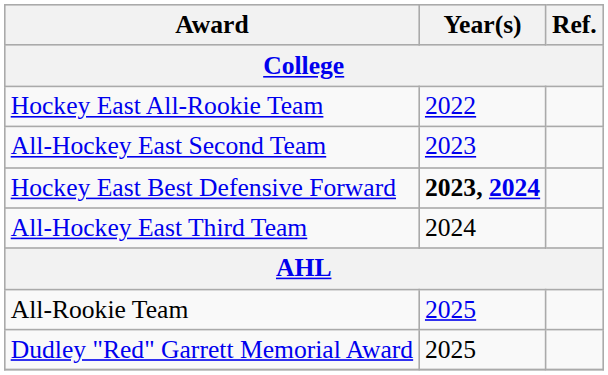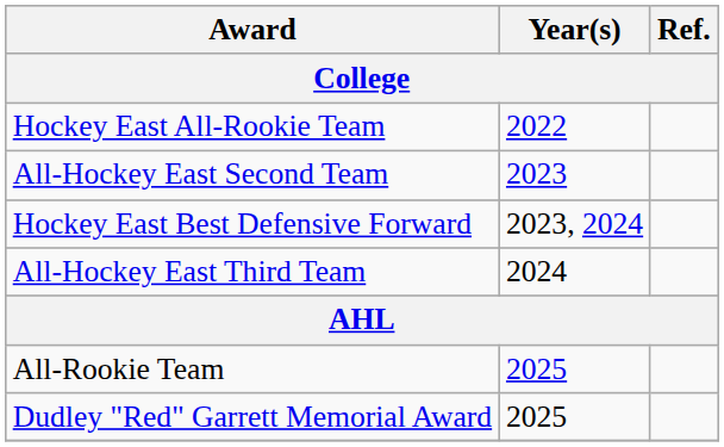 <table class="wikitable">
 <tr>
 <th>Award</th>
 <th>Year(s)</th>
 <th>Ref.</th>
 </tr>
 <tr>
 <th colspan="3"><a href='#'>College</a></th>
 </tr>
 <tr>
 <td><a href='#'>Hockey East All-Rookie Team</a></td>
 <td><a href='#'>2022</a></td>
 <td></td>
 </tr>
 <tr>
 <td><a href='#'>All-Hockey East Second Team</a></td>
 <td><a href='#'>2023</a></td>
 <td></td>
 </tr>
 <tr>
 <td><a href='#'>Hockey East Best Defensive Forward</a></td>
-<td><strong>2023, <a href='#'>2024</a></strong></td>
+<td>2023, <a href='#'>2024</a></td>
 <td></td>
 </tr>
 <tr>
 <td><a href='#'>All-Hockey East Third Team</a></td>
 <td>2024</td>
 <td></td>
 </tr>
 <tr>
 <th colspan="4"><a href='#'>AHL</a></th>
 </tr>
 <tr>
 <td>All-Rookie Team</td>
 <td><a href='#'>2025</a></td>
 <td></td>
 </tr>
 <tr>
 <td><a href='#'>Dudley "Red" Garrett Memorial Award</a></td>
 <td>2025</td>
 <td></td>
 </tr>
 <tr>
 </tr>
 </table>
